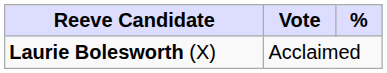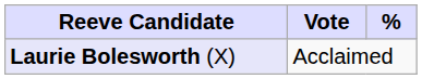 <table class="wikitable">
 <tr>
 <th style="background:#ddf; width:200px;">Reeve Candidate</th>
 <th style="background:#ddf; width:50px;">Vote</th>
 <th style="background:#ddf; width:30px;">%</th>
 </tr>
 <tr>
-<td><strong>Laurie Bolesworth</strong> (X)</td>
+<td style="background: lavender;"><strong>Laurie Bolesworth</strong> (X)</td>
 <td colspan="2">Acclaimed</td>
 </tr>
 </table>
